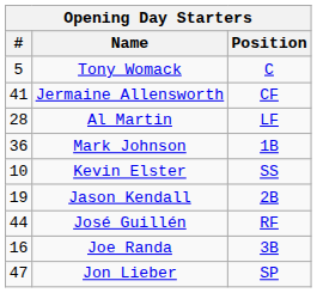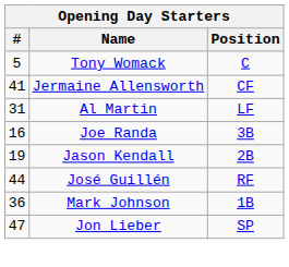 <table class="wikitable" style="text-align:center">
 <tr>
 <th colspan="3">Opening Day Starters</th>
 </tr>
 <tr>
 <th>#</th>
 <th>Name</th>
 <th>Position</th>
 </tr>
 <tr>
 <td>5</td>
 <td><a href='#'>Tony Womack</a></td>
 <td><a href='#'>C</a></td>
 </tr>
 <tr>
 <td>41</td>
 <td><a href='#'>Jermaine Allensworth</a></td>
 <td><a href='#'>CF</a></td>
 </tr>
 <tr>
-<td>28</td>
+<td>31</td>
 <td><a href='#'>Al Martin</a></td>
 <td><a href='#'>LF</a></td>
 </tr>
 <tr>
-<td>36</td>
-<td><a href='#'>Mark Johnson</a></td>
-<td><a href='#'>1B</a></td>
-</tr>
-<tr>
-<td>10</td>
-<td><a href='#'>Kevin Elster</a></td>
-<td><a href='#'>SS</a></td>
+<td>16</td>
+<td><a href='#'>Joe Randa</a></td>
+<td><a href='#'>3B</a></td>
 </tr>
 <tr>
 <td>19</td>
 <td><a href='#'>Jason Kendall</a></td>
 <td><a href='#'>2B</a></td>
 </tr>
 <tr>
 <td>44</td>
 <td><a href='#'>José Guillén</a></td>
 <td><a href='#'>RF</a></td>
 </tr>
 <tr>
-<td>16</td>
-<td><a href='#'>Joe Randa</a></td>
-<td><a href='#'>3B</a></td>
+<td>36</td>
+<td><a href='#'>Mark Johnson</a></td>
+<td><a href='#'>1B</a></td>
 </tr>
 <tr>
 <td>47</td>
 <td><a href='#'>Jon Lieber</a></td>
 <td><a href='#'>SP</a></td>
 </tr>
 </table>
